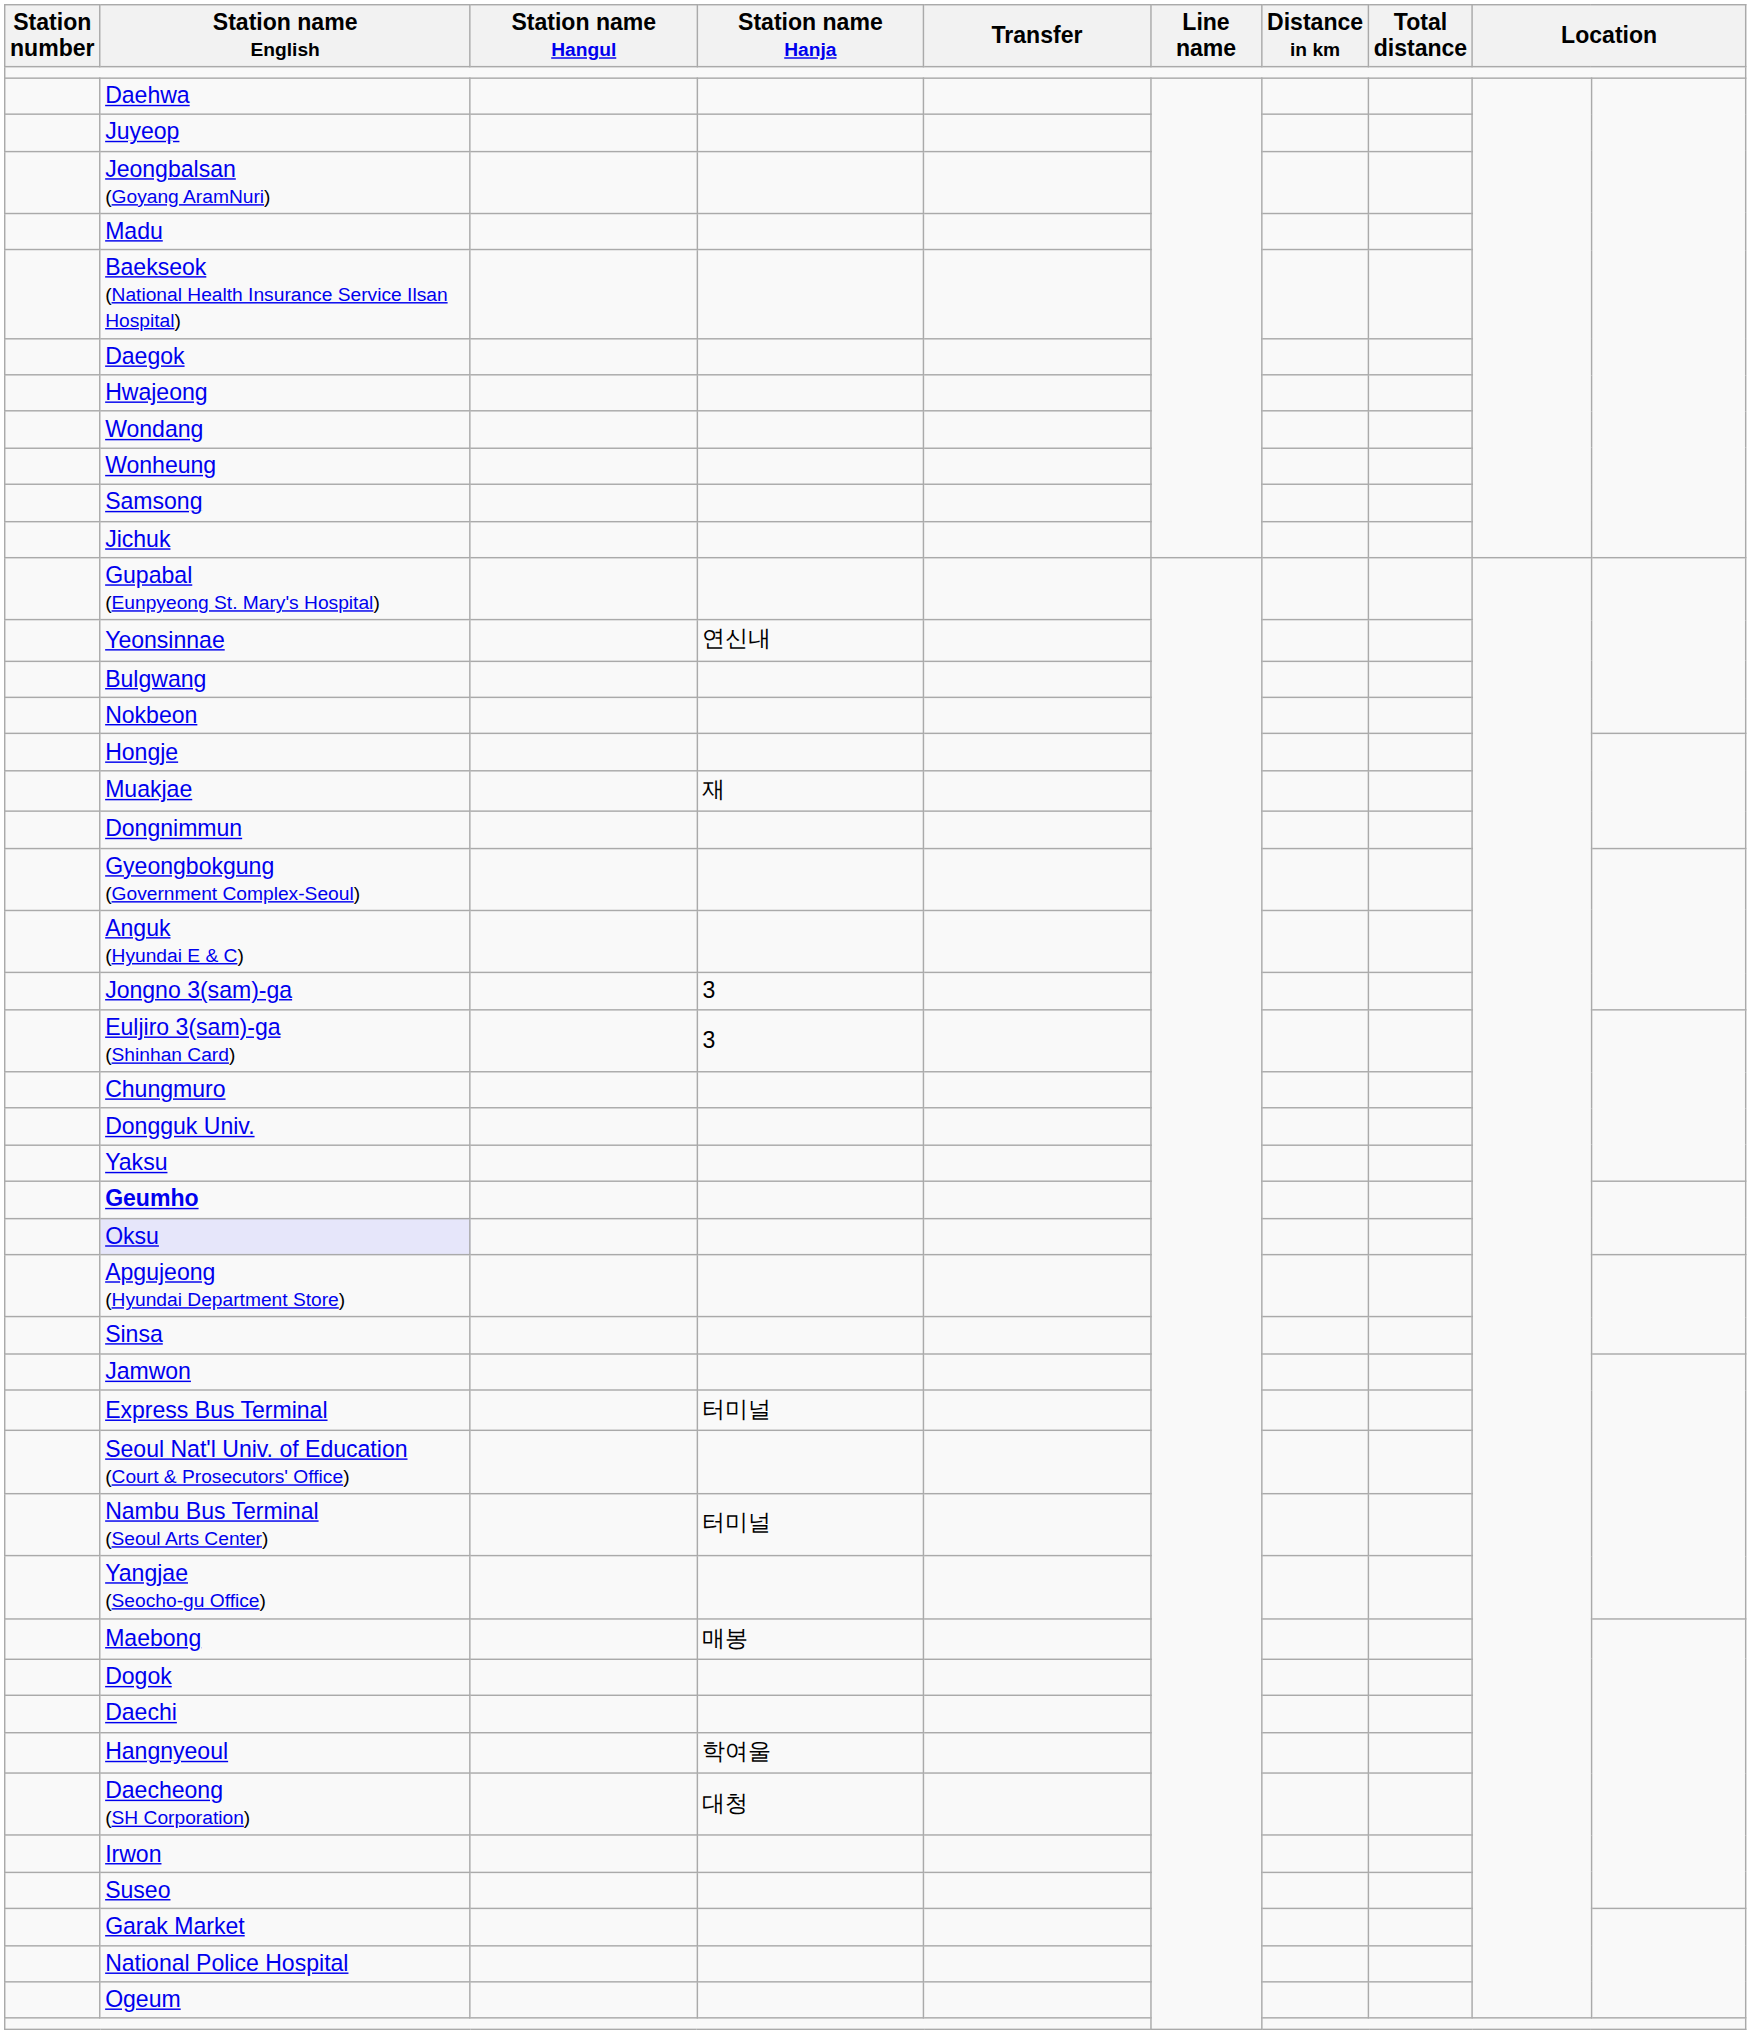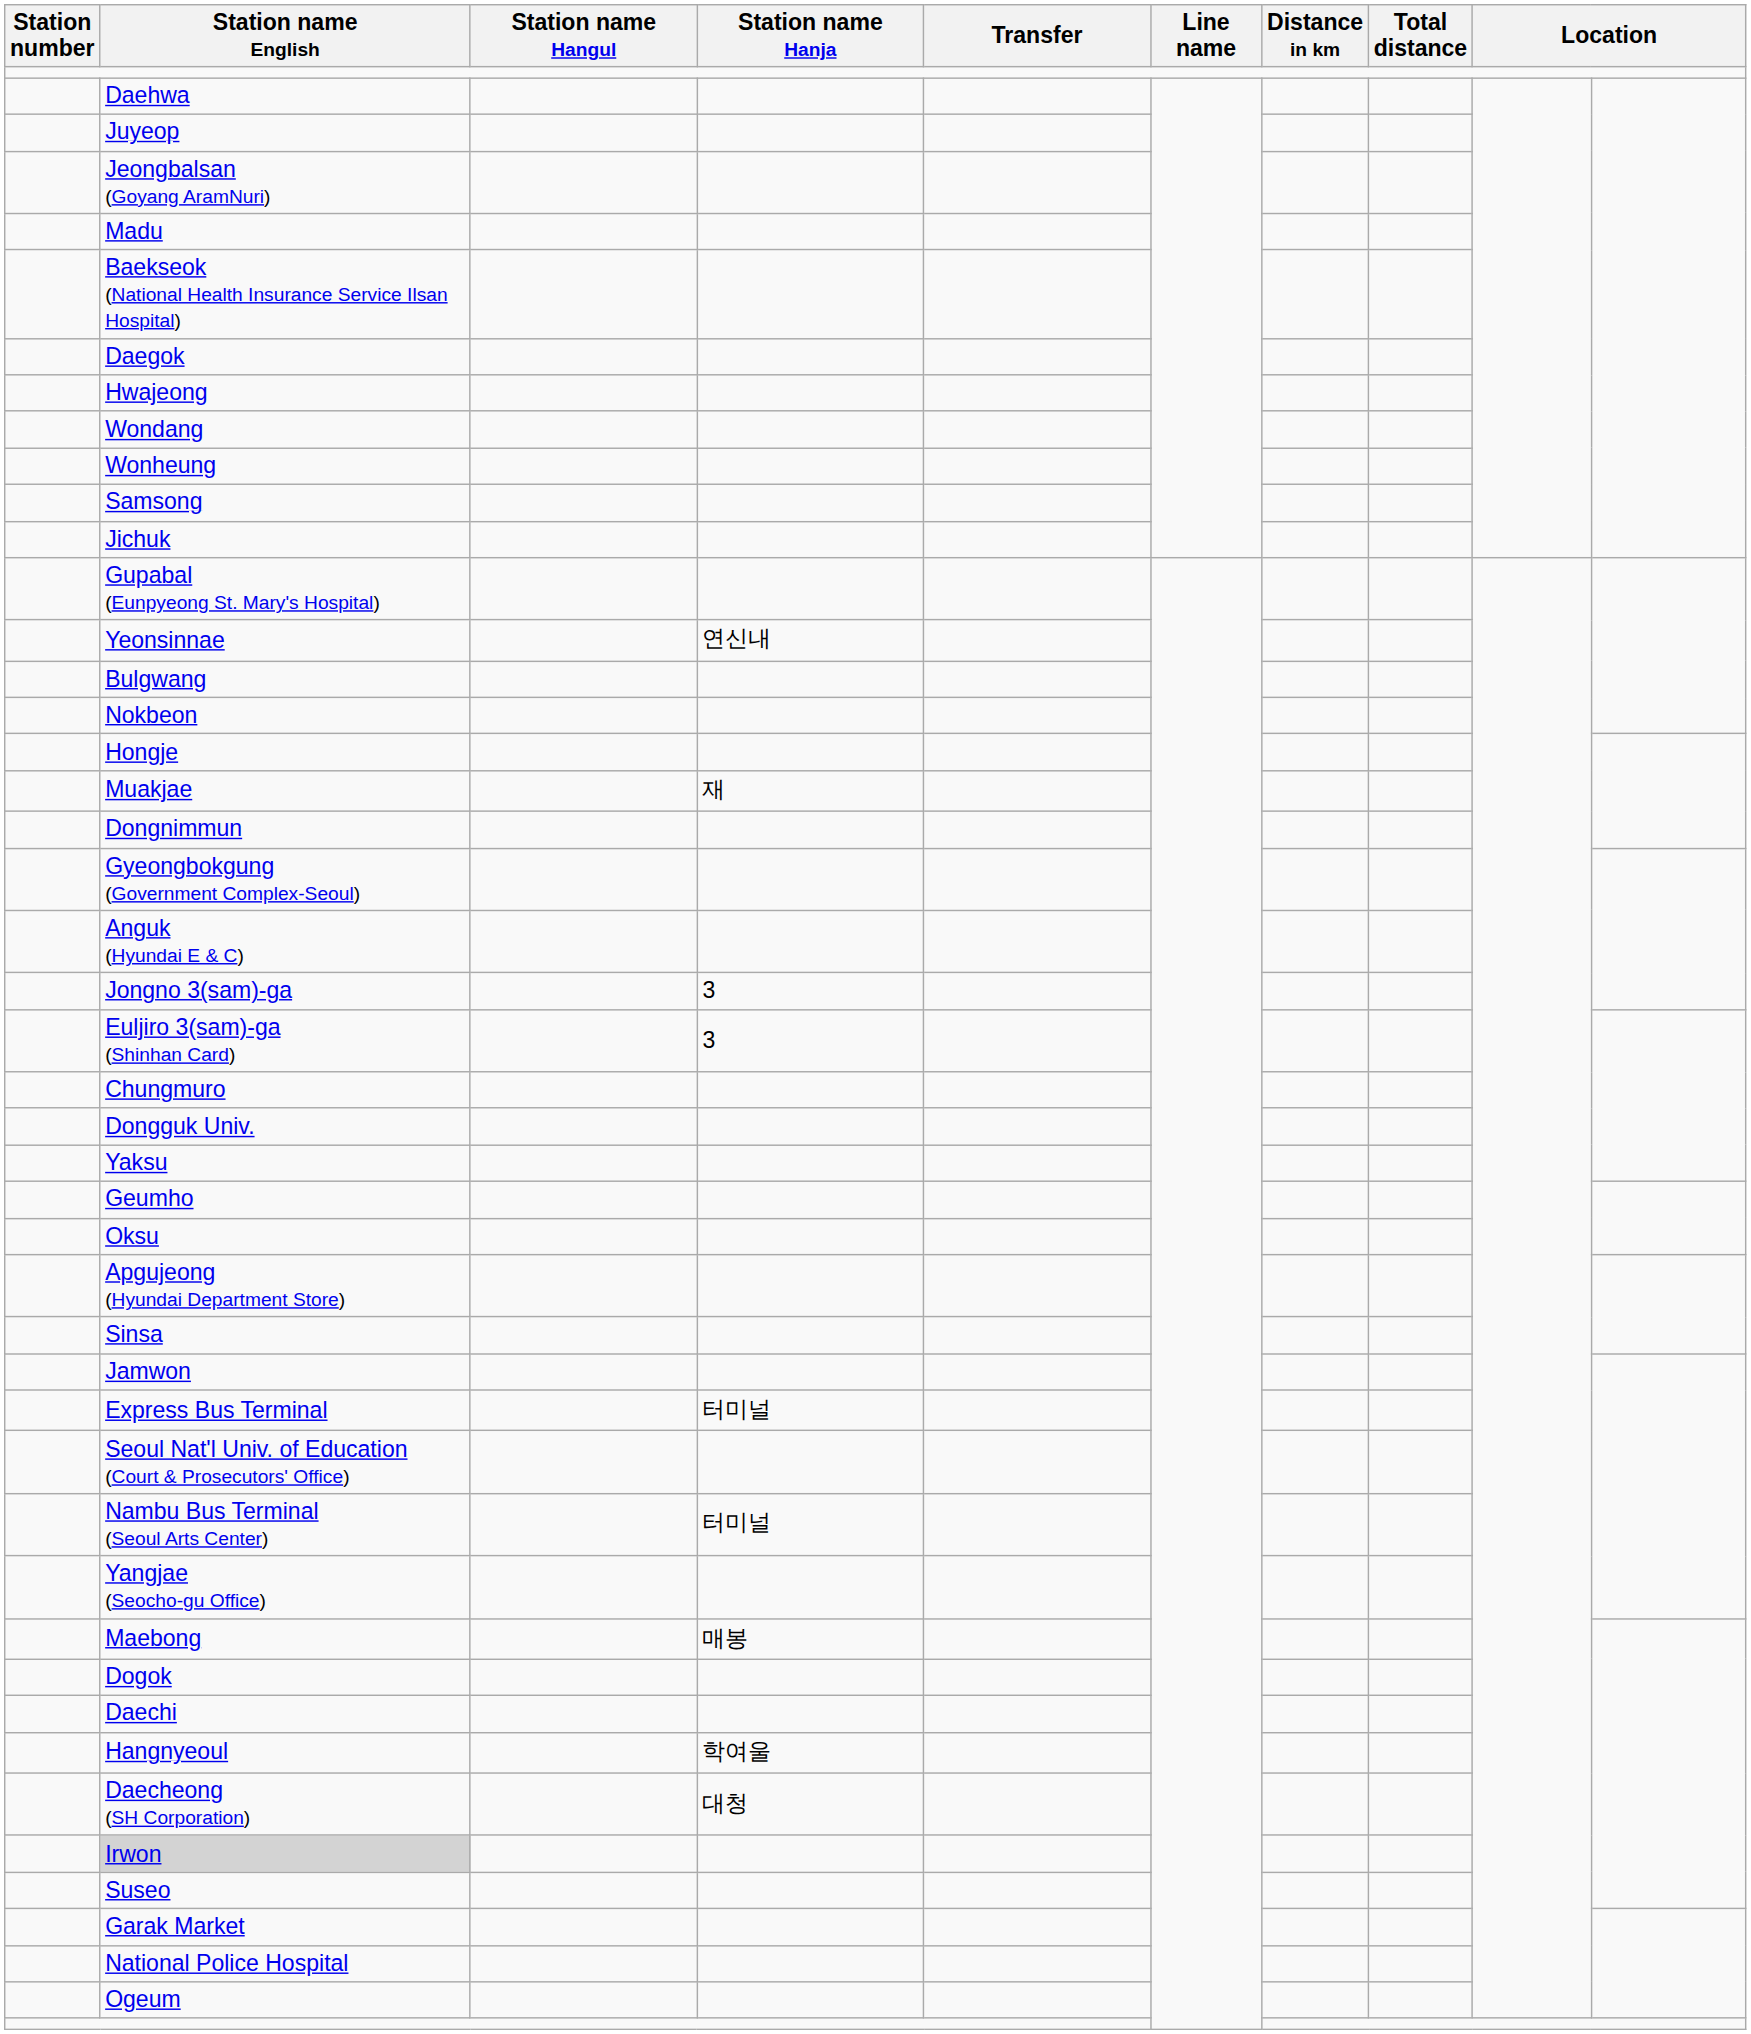 <table class="wikitable">
 <tr>
 <th>Station<br>number</th>
 <th width = "250pt">Station name<br><small>English</small></th>
 <th width = "150pt">Station name<br><small><a href='#'>Hangul</a></small></th>
 <th width = "150pt">Station name<br><small><a href='#'>Hanja</a></small></th>
 <th width = "150pt">Transfer</th>
 <th>Line name</th>
 <th>Distance<br><small>in km</small></th>
 <th>Total<br>distance</th>
 <th colspan = "2">Location</th>
 </tr>
 <tr style="background:#">
 <td colspan = "10"></td>
 </tr>
 <tr>
 <td></td>
 <td><a href='#'>Daehwa</a></td>
 <td></td>
 <td></td>
 <td></td>
 <td rowspan = "11" width = "70pt"></td>
 <td></td>
 <td></td>
 <td rowspan = "11" width = "75pt"></td>
 <td rowspan = "11" width = "100pt"></td>
 </tr>
 <tr>
 <td></td>
 <td><a href='#'>Juyeop</a></td>
 <td></td>
 <td></td>
 <td></td>
 <td></td>
 <td></td>
 </tr>
 <tr>
 <td></td>
 <td><a href='#'>Jeongbalsan</a> <br><small>(<a href='#'>Goyang AramNuri</a>)</small></td>
 <td></td>
 <td></td>
 <td></td>
 <td></td>
 <td></td>
 </tr>
 <tr>
 <td></td>
 <td><a href='#'>Madu</a></td>
 <td></td>
 <td></td>
 <td></td>
 <td></td>
 <td></td>
 </tr>
 <tr>
 <td></td>
 <td><a href='#'>Baekseok</a> <br><small>(<a href='#'>National Health Insurance Service Ilsan Hospital</a>)</small></td>
 <td></td>
 <td></td>
 <td></td>
 <td></td>
 <td></td>
 </tr>
 <tr>
 <td></td>
 <td><a href='#'>Daegok</a></td>
 <td></td>
 <td></td>
 <td>  </td>
 <td></td>
 <td></td>
 </tr>
 <tr>
 <td></td>
 <td><a href='#'>Hwajeong</a></td>
 <td></td>
 <td></td>
 <td></td>
 <td></td>
 <td></td>
 </tr>
 <tr>
 <td></td>
 <td><a href='#'>Wondang</a></td>
 <td></td>
 <td></td>
 <td></td>
 <td></td>
 <td></td>
 </tr>
 <tr>
 <td></td>
 <td><a href='#'>Wonheung</a></td>
 <td></td>
 <td></td>
 <td></td>
 <td></td>
 <td></td>
 </tr>
 <tr>
 <td></td>
 <td><a href='#'>Samsong</a></td>
 <td></td>
 <td></td>
 <td></td>
 <td></td>
 <td></td>
 </tr>
 <tr>
 <td></td>
 <td><a href='#'>Jichuk</a></td>
 <td></td>
 <td></td>
 <td></td>
 <td></td>
 <td></td>
 </tr>
 <tr>
 <td></td>
 <td><a href='#'>Gupabal</a> <br><small>(<a href='#'>Eunpyeong St. Mary's Hospital</a>)</small></td>
 <td></td>
 <td></td>
 <td></td>
 <td rowspan = "34"></td>
 <td></td>
 <td></td>
 <td rowspan = "33"></td>
 <td rowspan = "4"></td>
 </tr>
 <tr>
 <td></td>
 <td><a href='#'>Yeonsinnae</a></td>
 <td></td>
 <td>연신내</td>
 <td> </td>
 <td></td>
 <td></td>
 </tr>
 <tr>
 <td></td>
 <td><a href='#'>Bulgwang</a></td>
 <td></td>
 <td></td>
 <td></td>
 <td></td>
 <td></td>
 </tr>
 <tr>
 <td></td>
 <td><a href='#'>Nokbeon</a></td>
 <td></td>
 <td></td>
 <td></td>
 <td></td>
 <td></td>
 </tr>
 <tr>
 <td></td>
 <td><a href='#'>Hongje</a></td>
 <td></td>
 <td></td>
 <td></td>
 <td></td>
 <td></td>
 <td rowspan = "3"></td>
 </tr>
 <tr>
 <td></td>
 <td><a href='#'>Muakjae</a></td>
 <td></td>
 <td>재</td>
 <td></td>
 <td></td>
 <td></td>
 </tr>
 <tr>
 <td></td>
 <td><a href='#'>Dongnimmun</a></td>
 <td></td>
 <td></td>
 <td></td>
 <td></td>
 <td></td>
 </tr>
 <tr>
 <td></td>
 <td><a href='#'>Gyeongbokgung</a> <br><small>(<a href='#'>Government Complex-Seoul</a>)</small></td>
 <td></td>
 <td></td>
 <td></td>
 <td></td>
 <td></td>
 <td rowspan = "3"></td>
 </tr>
 <tr>
 <td></td>
 <td><a href='#'>Anguk</a> <br><small>(<a href='#'>Hyundai E & C</a>)</small></td>
 <td></td>
 <td></td>
 <td></td>
 <td></td>
 <td></td>
 </tr>
 <tr>
 <td></td>
 <td><a href='#'>Jongno 3(sam)-ga</a></td>
 <td></td>
 <td>3</td>
 <td> </td>
 <td></td>
 <td></td>
 </tr>
 <tr>
 <td></td>
 <td><a href='#'>Euljiro 3(sam)-ga</a> <br><small>(<a href='#'>Shinhan Card</a>)</small></td>
 <td></td>
 <td>3</td>
 <td></td>
 <td></td>
 <td></td>
 <td rowspan = "4"></td>
 </tr>
 <tr>
 <td></td>
 <td><a href='#'>Chungmuro</a></td>
 <td></td>
 <td></td>
 <td></td>
 <td></td>
 <td></td>
 </tr>
 <tr>
 <td></td>
 <td><a href='#'>Dongguk Univ.</a></td>
 <td></td>
 <td></td>
 <td></td>
 <td></td>
 <td></td>
 </tr>
 <tr>
 <td></td>
 <td><a href='#'>Yaksu</a></td>
 <td></td>
 <td></td>
 <td></td>
 <td></td>
 <td></td>
 </tr>
 <tr>
 <td></td>
-<td><strong><a href='#'>Geumho</a></strong></td>
+<td><a href='#'>Geumho</a></td>
 <td></td>
 <td></td>
 <td></td>
 <td></td>
 <td></td>
 <td rowspan = "2"></td>
 </tr>
 <tr>
 <td></td>
-<td style="background: lavender;"><a href='#'>Oksu</a></td>
+<td><a href='#'>Oksu</a></td>
 <td></td>
 <td></td>
 <td></td>
 <td></td>
 <td></td>
 </tr>
 <tr>
 <td></td>
 <td><a href='#'>Apgujeong</a> <br><small>(<a href='#'>Hyundai Department Store</a>)</small></td>
 <td></td>
 <td></td>
 <td></td>
 <td></td>
 <td></td>
 <td rowspan = "2"></td>
 </tr>
 <tr>
 <td></td>
 <td><a href='#'>Sinsa</a></td>
 <td></td>
 <td></td>
 <td></td>
 <td></td>
 <td></td>
 </tr>
 <tr>
 <td></td>
 <td><a href='#'>Jamwon</a></td>
 <td></td>
 <td></td>
 <td></td>
 <td></td>
 <td></td>
 <td rowspan = "5"></td>
 </tr>
 <tr>
 <td></td>
 <td><a href='#'>Express Bus Terminal</a></td>
 <td></td>
 <td>터미널</td>
 <td> </td>
 <td></td>
 <td></td>
 </tr>
 <tr>
 <td></td>
 <td><a href='#'>Seoul Nat'l Univ. of Education</a> <br><small>(<a href='#'>Court & Prosecutors' Office</a>)</small></td>
 <td></td>
 <td></td>
 <td></td>
 <td></td>
 <td></td>
 </tr>
 <tr>
 <td></td>
 <td><a href='#'>Nambu Bus Terminal</a> <br><small>(<a href='#'>Seoul Arts Center</a>)</small></td>
 <td></td>
 <td>터미널</td>
 <td></td>
 <td></td>
 <td></td>
 </tr>
 <tr>
 <td></td>
 <td><a href='#'>Yangjae</a> <br><small>(<a href='#'>Seocho-gu Office</a>)</small></td>
 <td></td>
 <td></td>
 <td></td>
 <td></td>
 <td></td>
 </tr>
 <tr>
 <td></td>
 <td><a href='#'>Maebong</a></td>
 <td></td>
 <td>매봉</td>
 <td></td>
 <td></td>
 <td></td>
 <td rowspan = "7"></td>
 </tr>
 <tr>
 <td></td>
 <td><a href='#'>Dogok</a></td>
 <td></td>
 <td></td>
 <td></td>
 <td></td>
 <td></td>
 </tr>
 <tr>
 <td></td>
 <td><a href='#'>Daechi</a></td>
 <td></td>
 <td></td>
 <td></td>
 <td></td>
 <td></td>
 </tr>
 <tr>
 <td></td>
 <td><a href='#'>Hangnyeoul</a></td>
 <td></td>
 <td>학여울</td>
 <td></td>
 <td></td>
 <td></td>
 </tr>
 <tr>
 <td></td>
 <td><a href='#'>Daecheong</a> <br><small>(<a href='#'>SH Corporation</a>)</small></td>
 <td></td>
 <td>대청</td>
 <td></td>
 <td></td>
 <td></td>
 </tr>
 <tr>
 <td></td>
-<td><a href='#'>Irwon</a></td>
+<td style="background: lightgrey;"><a href='#'>Irwon</a></td>
 <td></td>
 <td></td>
 <td></td>
 <td></td>
 <td></td>
 </tr>
 <tr>
 <td></td>
 <td><a href='#'>Suseo</a></td>
 <td></td>
 <td></td>
 <td> <br></td>
 <td></td>
 <td></td>
 </tr>
 <tr>
 <td></td>
 <td><a href='#'>Garak Market</a></td>
 <td></td>
 <td></td>
 <td></td>
 <td></td>
 <td></td>
 <td rowspan = "3"></td>
 </tr>
 <tr>
 <td></td>
 <td><a href='#'>National Police Hospital</a></td>
 <td></td>
 <td></td>
 <td></td>
 <td></td>
 <td></td>
 </tr>
 <tr>
 <td></td>
 <td><a href='#'>Ogeum</a></td>
 <td></td>
 <td></td>
 <td></td>
 <td></td>
 <td></td>
 </tr>
 <tr style="background:#">
 <td colspan = "10"></td>
 </tr>
 </table>
